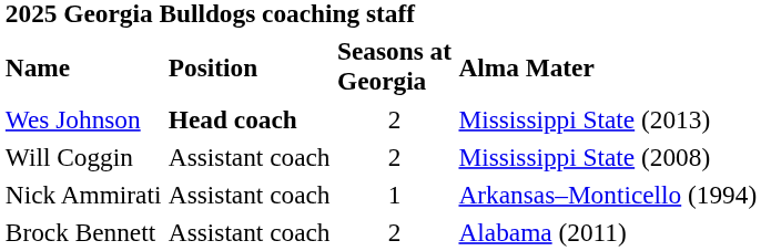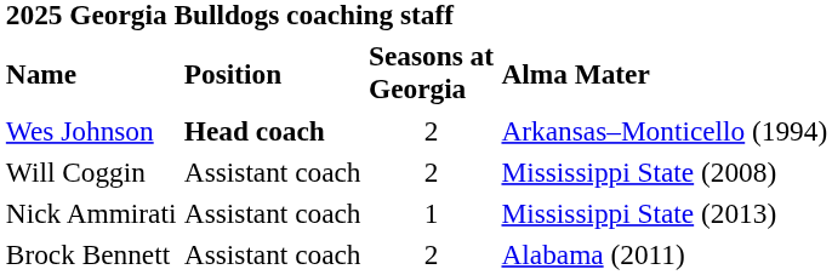 <table class="toccolours" style="text-align: left; font-size:90%;">
 <tr>
 <th colspan="9">2025 Georgia Bulldogs coaching staff</th>
 </tr>
 <tr>
 <th>Name</th>
 <th>Position</th>
 <th>Seasons at<br>Georgia</th>
 <th>Alma Mater</th>
 </tr>
 <tr>
 <td><a href='#'>Wes Johnson</a></td>
 <td><strong>Head coach</strong></td>
 <td align=center>2</td>
-<td><a href='#'>Mississippi State</a> (2013)</td>
+<td><a href='#'>Arkansas–Monticello</a> (1994)</td>
 </tr>
 <tr>
 <td>Will Coggin</td>
 <td>Assistant coach</td>
 <td align=center>2</td>
 <td><a href='#'>Mississippi State</a> (2008)</td>
 </tr>
 <tr>
 <td>Nick Ammirati</td>
 <td>Assistant coach</td>
 <td align=center>1</td>
-<td><a href='#'>Arkansas–Monticello</a> (1994)</td>
+<td><a href='#'>Mississippi State</a> (2013)</td>
 </tr>
 <tr>
 <td>Brock Bennett</td>
 <td>Assistant coach</td>
 <td align=center>2</td>
 <td><a href='#'>Alabama</a> (2011)</td>
 </tr>
 </table>
